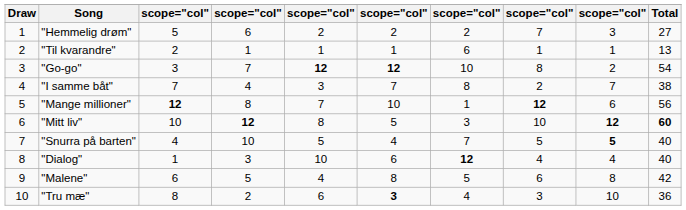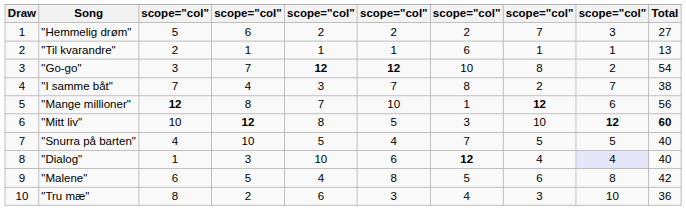 <table class="wikitable plainrowheaders" style="margin: 1em auto 1em auto; text-align:center;">
 <tr>
 </tr>
 <tr>
 <th scope="col">Draw</th>
 <th scope="col">Song</th>
 <th>scope="col" </th>
 <th>scope="col" </th>
 <th>scope="col" </th>
 <th>scope="col" </th>
 <th>scope="col" </th>
 <th>scope="col" </th>
 <th>scope="col" </th>
 <th scope="col">Total</th>
 </tr>
 <tr>
 <td>1</td>
 <td align="left">"Hemmelig drøm"</td>
 <td>5</td>
 <td>6</td>
 <td>2</td>
 <td>2</td>
 <td>2</td>
 <td>7</td>
 <td>3</td>
 <td>27</td>
 </tr>
 <tr>
 <td>2</td>
 <td align="left">"Til kvarandre"</td>
 <td>2</td>
 <td>1</td>
 <td>1</td>
 <td>1</td>
 <td>6</td>
 <td>1</td>
 <td>1</td>
 <td>13</td>
 </tr>
 <tr>
 <td>3</td>
 <td align="left">"Go-go"</td>
 <td>3</td>
 <td>7</td>
 <td><strong>12</strong></td>
 <td><strong>12</strong></td>
 <td>10</td>
 <td>8</td>
 <td>2</td>
 <td>54</td>
 </tr>
 <tr>
 <td>4</td>
 <td align="left">"I samme båt"</td>
 <td>7</td>
 <td>4</td>
 <td>3</td>
 <td>7</td>
 <td>8</td>
 <td>2</td>
 <td>7</td>
 <td>38</td>
 </tr>
 <tr>
 <td>5</td>
 <td align="left">"Mange millioner"</td>
 <td><strong>12</strong></td>
 <td>8</td>
 <td>7</td>
 <td>10</td>
 <td>1</td>
 <td><strong>12</strong></td>
 <td>6</td>
 <td>56</td>
 </tr>
 <tr>
 <td>6</td>
 <td align="left">"Mitt liv"</td>
 <td>10</td>
 <td><strong>12</strong></td>
 <td>8</td>
 <td>5</td>
 <td>3</td>
 <td>10</td>
 <td><strong>12</strong></td>
 <td><strong>60</strong></td>
 </tr>
 <tr>
 <td>7</td>
 <td align="left">"Snurra på barten"</td>
 <td>4</td>
 <td>10</td>
 <td>5</td>
 <td>4</td>
 <td>7</td>
 <td>5</td>
-<td><strong>5</strong></td>
+<td>5</td>
 <td>40</td>
 </tr>
 <tr>
 <td>8</td>
 <td align="left">"Dialog"</td>
 <td>1</td>
 <td>3</td>
 <td>10</td>
 <td>6</td>
 <td><strong>12</strong></td>
 <td>4</td>
-<td>4</td>
+<td style="background: lavender;">4</td>
 <td>40</td>
 </tr>
 <tr>
 <td>9</td>
 <td align="left">"Malene"</td>
 <td>6</td>
 <td>5</td>
 <td>4</td>
 <td>8</td>
 <td>5</td>
 <td>6</td>
 <td>8</td>
 <td>42</td>
 </tr>
 <tr>
 <td>10</td>
 <td align="left">"Tru mæ"</td>
 <td>8</td>
 <td>2</td>
 <td>6</td>
-<td><strong>3</strong></td>
+<td>3</td>
 <td>4</td>
 <td>3</td>
 <td>10</td>
 <td>36</td>
 </tr>
 </table>
